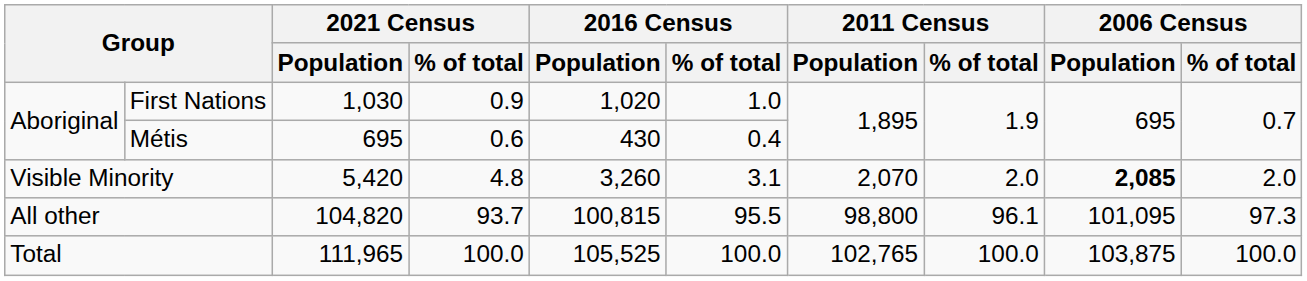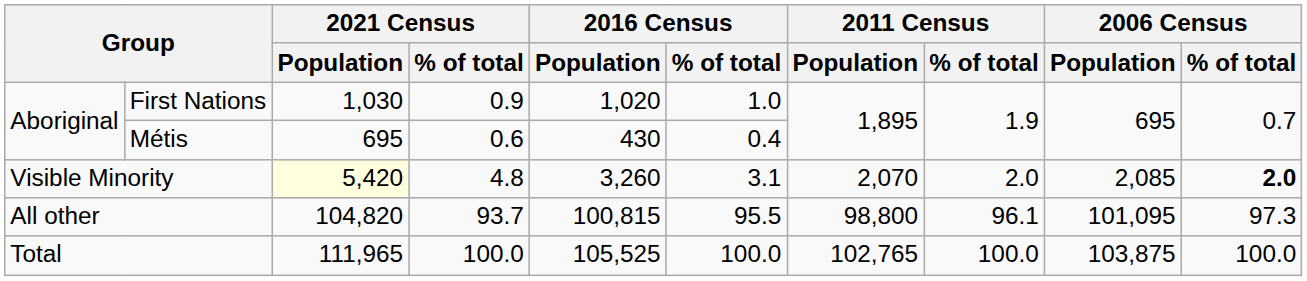 <table class="wikitable" style="text-align:right">
 <tr>
 <th rowspan = "2" colspan = "2">Group</th>
 <th colspan = "2">2021 Census</th>
 <th colspan = "2">2016 Census</th>
 <th colspan = "2">2011 Census</th>
 <th colspan = "2">2006 Census</th>
 </tr>
 <tr>
 <th>Population</th>
 <th>% of total</th>
 <th>Population</th>
 <th>% of total</th>
 <th>Population</th>
 <th>% of total</th>
 <th>Population</th>
 <th>% of total</th>
 </tr>
 <tr>
 <td rowspan="2" style="text-align:left;">Aboriginal</td>
 <td>First Nations</td>
 <td>1,030</td>
 <td>0.9</td>
 <td>1,020</td>
 <td>1.0</td>
 <td rowspan="2">1,895</td>
 <td rowspan="2">1.9</td>
 <td rowspan="2">695</td>
 <td rowspan="2">0.7</td>
 </tr>
 <tr>
 <td style="text-align:left;">Métis</td>
 <td>695</td>
 <td>0.6</td>
 <td>430</td>
 <td>0.4</td>
 </tr>
 <tr>
 <td colspan = "2" style="text-align:left;">Visible Minority</td>
-<td>5,420</td>
+<td style="background: lightyellow;">5,420</td>
 <td>4.8</td>
 <td>3,260</td>
 <td>3.1</td>
 <td>2,070</td>
 <td>2.0</td>
-<td><strong>2,085</strong></td>
-<td>2.0</td>
+<td>2,085</td>
+<td><strong>2.0</strong></td>
 </tr>
 <tr>
 <td colspan = "2" style="text-align:left;">All other</td>
 <td>104,820</td>
 <td>93.7</td>
 <td>100,815</td>
 <td>95.5</td>
 <td>98,800</td>
 <td>96.1</td>
 <td>101,095</td>
 <td>97.3</td>
 </tr>
 <tr>
 <td colspan = "2" style="text-align:left;">Total</td>
 <td>111,965</td>
 <td>100.0</td>
 <td>105,525</td>
 <td>100.0</td>
 <td>102,765</td>
 <td>100.0</td>
 <td>103,875</td>
 <td>100.0</td>
 </tr>
 </table>
